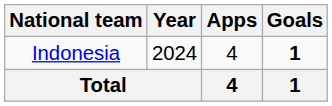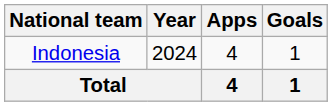 <table class="wikitable" style="text-align:center">
 <tr>
 <th>National team</th>
 <th>Year</th>
 <th>Apps</th>
 <th>Goals</th>
 </tr>
 <tr>
 <td><a href='#'>Indonesia</a></td>
 <td>2024</td>
 <td>4</td>
-<td><strong>1</strong></td>
+<td>1</td>
 </tr>
 <tr>
 <th colspan=2>Total</th>
 <th>4</th>
 <th>1</th>
 </tr>
 </table>
